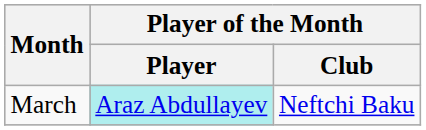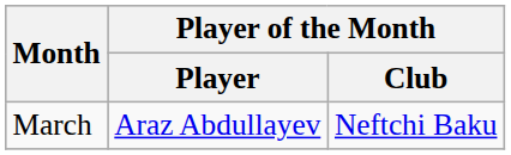 <table class="wikitable">
 <tr>
 <th rowspan=2>Month</th>
 <th colspan=2>Player of the Month</th>
 </tr>
 <tr>
 <th>Player</th>
 <th>Club</th>
 </tr>
 <tr>
 <td>March</td>
-<td style="background: paleturquoise;"> <a href='#'>Araz Abdullayev</a></td>
+<td> <a href='#'>Araz Abdullayev</a></td>
 <td><a href='#'>Neftchi Baku</a></td>
 </tr>
 </table>
